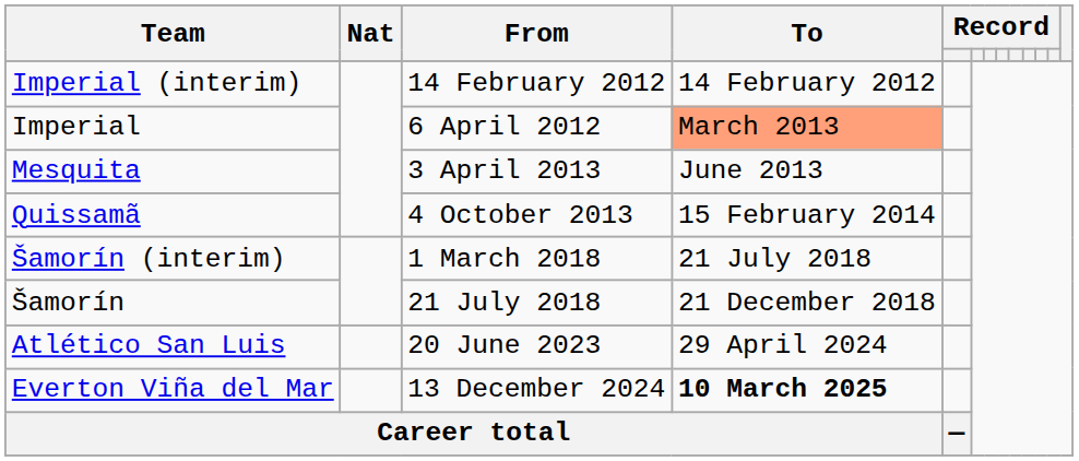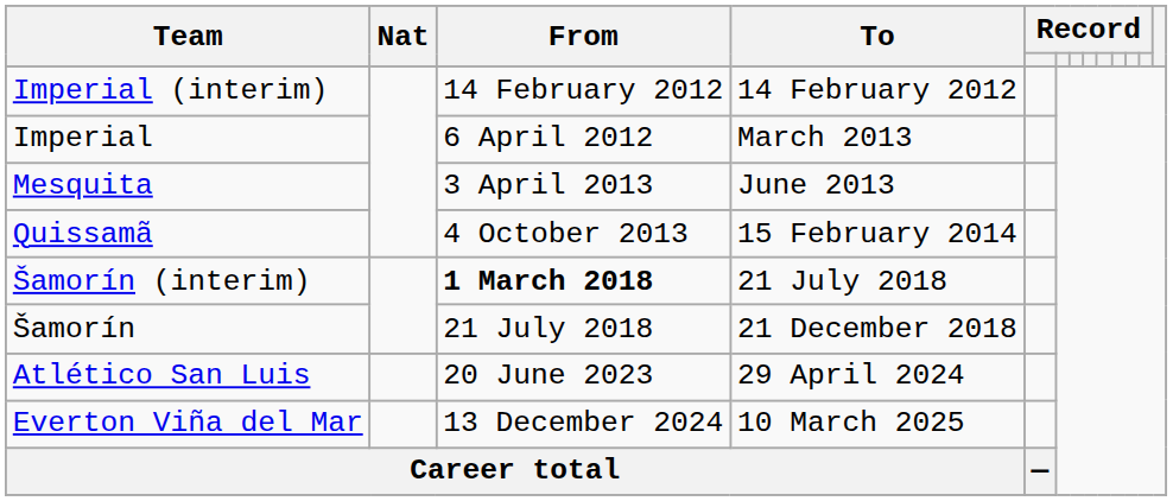 <table class="wikitable" style="text-align: center">
 <tr>
 <th rowspan="2">Team</th>
 <th rowspan="2">Nat</th>
 <th rowspan="2">From</th>
 <th rowspan="2">To</th>
 <th colspan="8">Record</th>
 <th rowspan=2></th>
 </tr>
 <tr>
 <th></th>
 <th></th>
 <th></th>
 <th></th>
 <th></th>
 <th></th>
 <th></th>
 <th></th>
 </tr>
 <tr>
 <td align="left"><a href='#'>Imperial</a> (interim)</td>
 <td rowspan="4"></td>
 <td align="left">14 February 2012</td>
 <td align="left">14 February 2012<br></td>
 <td></td>
 </tr>
 <tr>
 <td align="left">Imperial</td>
 <td align="left">6 April 2012</td>
-<td align="left" style="background: lightsalmon;">March 2013<br></td>
+<td align="left">March 2013<br></td>
 <td></td>
 </tr>
 <tr>
 <td align="left"><a href='#'>Mesquita</a></td>
 <td align="left">3 April 2013</td>
 <td align="left">June 2013<br></td>
 <td></td>
 </tr>
 <tr>
 <td align="left"><a href='#'>Quissamã</a></td>
 <td align="left">4 October 2013</td>
 <td align="left">15 February 2014<br></td>
 <td></td>
 </tr>
 <tr>
 <td align="left"><a href='#'>Šamorín</a> (interim)</td>
 <td rowspan="2"></td>
-<td align="left">1 March 2018</td>
+<td align="left"><strong>1 March 2018</strong></td>
 <td align="left">21 July 2018<br></td>
 <td></td>
 </tr>
 <tr>
 <td align="left">Šamorín</td>
 <td align="left">21 July 2018</td>
 <td align="left">21 December 2018<br></td>
 <td></td>
 </tr>
 <tr>
 <td align="left"><a href='#'>Atlético San Luis</a></td>
 <td></td>
 <td align="left">20 June 2023</td>
 <td align="left">29 April 2024<br></td>
 <td></td>
 </tr>
 <tr>
 <td align="left"><a href='#'>Everton Viña del Mar</a></td>
 <td></td>
 <td align="left">13 December 2024</td>
-<td align="left"><strong>10 March 2025<br></strong></td>
+<td align="left">10 March 2025<br></td>
 <td></td>
 </tr>
 <tr>
 <th colspan=4><strong>Career total</strong><br></th>
 <th>—</th>
 </tr>
 </table>
